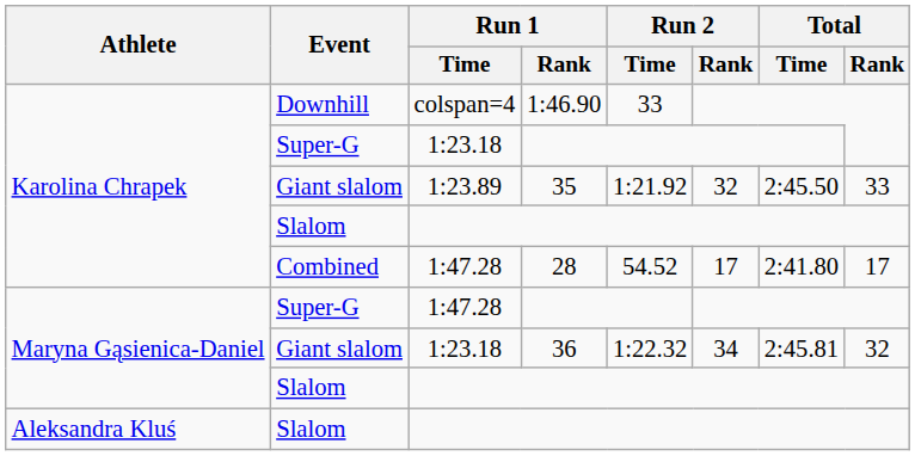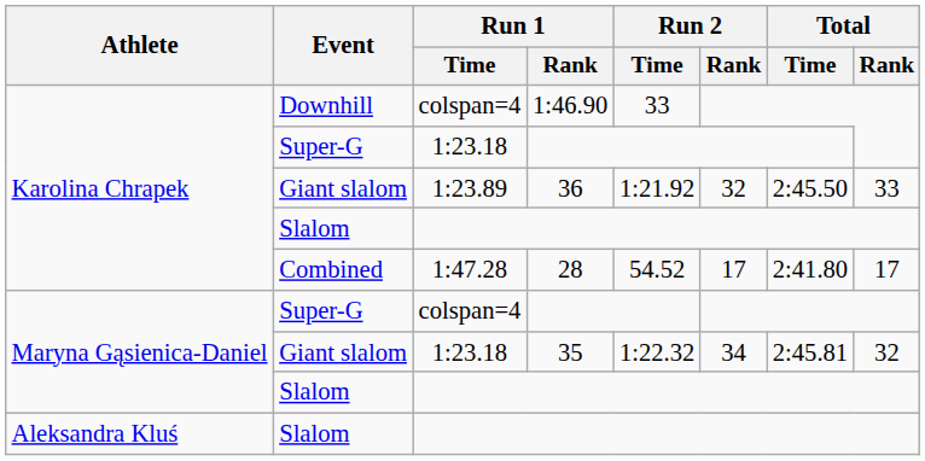 <table class="wikitable" style="font-size:90%">
 <tr>
 <th rowspan=2>Athlete</th>
 <th rowspan=2>Event</th>
 <th colspan=2>Run 1</th>
 <th colspan=2>Run 2</th>
 <th colspan=2>Total</th>
 </tr>
 <tr style="font-size:95%">
 <th>Time</th>
 <th>Rank</th>
 <th>Time</th>
 <th>Rank</th>
 <th>Time</th>
 <th>Rank</th>
 </tr>
 <tr align=center>
 <td align=left rowspan=5><a href='#'>Karolina Chrapek</a></td>
 <td align=left><a href='#'>Downhill</a></td>
 <td>colspan=4 </td>
 <td>1:46.90</td>
 <td>33</td>
 </tr>
 <tr align=center>
 <td align=left><a href='#'>Super-G</a></td>
 <td>1:23.18</td>
 <td colspan=4></td>
 </tr>
 <tr align=center>
 <td align=left><a href='#'>Giant slalom</a></td>
 <td>1:23.89</td>
-<td>35</td>
+<td>36</td>
 <td>1:21.92</td>
 <td>32</td>
 <td>2:45.50</td>
 <td>33</td>
 </tr>
 <tr align=center>
 <td align=left><a href='#'>Slalom</a></td>
 <td colspan=6></td>
 </tr>
 <tr align=center>
 <td align=left><a href='#'>Combined</a></td>
 <td>1:47.28</td>
 <td>28</td>
 <td>54.52</td>
 <td>17</td>
 <td>2:41.80</td>
 <td>17</td>
 </tr>
 <tr align=center>
 <td align=left rowspan=3><a href='#'>Maryna Gąsienica-Daniel</a></td>
 <td align=left><a href='#'>Super-G</a></td>
-<td>1:47.28</td>
+<td>colspan=4 </td>
 <td colspan=2></td>
 </tr>
 <tr align=center>
 <td align=left><a href='#'>Giant slalom</a></td>
 <td>1:23.18</td>
-<td>36</td>
+<td>35</td>
 <td>1:22.32</td>
 <td>34</td>
 <td>2:45.81</td>
 <td>32</td>
 </tr>
 <tr align=center>
 <td align=left><a href='#'>Slalom</a></td>
 <td colspan=6></td>
 </tr>
 <tr align=center>
 <td align=left><a href='#'>Aleksandra Kluś</a></td>
 <td align=left><a href='#'>Slalom</a></td>
 <td colspan=6></td>
 </tr>
 </table>
